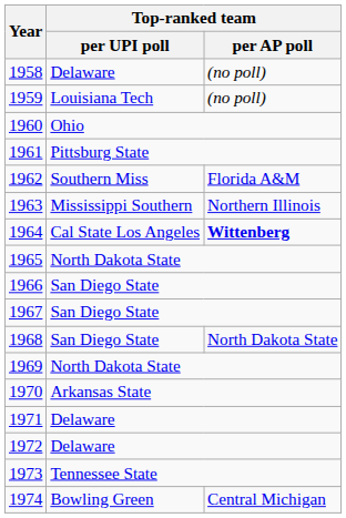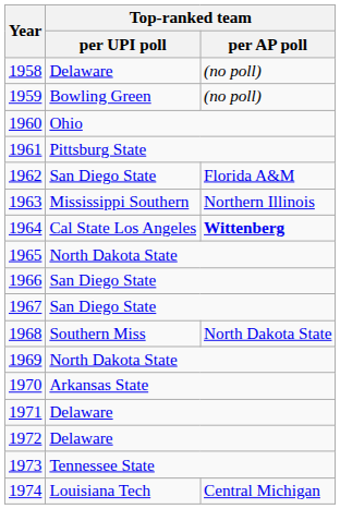 <table class="wikitable" style="text-align: ">
 <tr>
 <th rowspan=2>Year</th>
 <th colspan=2>Top-ranked team</th>
 </tr>
 <tr>
 <th>per UPI poll</th>
 <th>per AP poll</th>
 </tr>
 <tr>
 <td><a href='#'>1958</a></td>
 <td><a href='#'>Delaware</a></td>
 <td><em>(no poll)</em></td>
 </tr>
 <tr>
 <td><a href='#'>1959</a></td>
-<td><a href='#'>Louisiana Tech</a></td>
+<td><a href='#'>Bowling Green</a></td>
 <td><em>(no poll)</em></td>
 </tr>
 <tr>
 <td><a href='#'>1960</a></td>
 <td colspan=2><a href='#'>Ohio</a></td>
 </tr>
 <tr>
 <td><a href='#'>1961</a></td>
 <td colspan=2><a href='#'>Pittsburg State</a></td>
 </tr>
 <tr>
 <td><a href='#'>1962</a></td>
-<td><a href='#'>Southern Miss</a></td>
+<td><a href='#'>San Diego State</a></td>
 <td><a href='#'>Florida A&M</a></td>
 </tr>
 <tr>
 <td><a href='#'>1963</a></td>
 <td><a href='#'>Mississippi Southern</a></td>
 <td><a href='#'>Northern Illinois</a></td>
 </tr>
 <tr>
 <td><a href='#'>1964</a></td>
 <td><a href='#'>Cal State Los Angeles</a></td>
 <td><strong><a href='#'>Wittenberg</a></strong></td>
 </tr>
 <tr>
 <td><a href='#'>1965</a></td>
 <td colspan="2"><a href='#'>North Dakota State</a></td>
 </tr>
 <tr>
 <td><a href='#'>1966</a></td>
 <td colspan="2"><a href='#'>San Diego State</a></td>
 </tr>
 <tr>
 <td><a href='#'>1967</a></td>
 <td colspan="2"><a href='#'>San Diego State</a></td>
 </tr>
 <tr>
 <td><a href='#'>1968</a></td>
-<td><a href='#'>San Diego State</a></td>
+<td><a href='#'>Southern Miss</a></td>
 <td><a href='#'>North Dakota State</a></td>
 </tr>
 <tr>
 <td><a href='#'>1969</a></td>
 <td colspan="2"><a href='#'>North Dakota State</a></td>
 </tr>
 <tr>
 <td><a href='#'>1970</a></td>
 <td colspan="2"><a href='#'>Arkansas State</a></td>
 </tr>
 <tr>
 <td><a href='#'>1971</a></td>
 <td colspan="2"><a href='#'>Delaware</a></td>
 </tr>
 <tr>
 <td><a href='#'>1972</a></td>
 <td colspan="2"><a href='#'>Delaware</a></td>
 </tr>
 <tr>
 <td><a href='#'>1973</a></td>
 <td colspan="2"><a href='#'>Tennessee State</a></td>
 </tr>
 <tr>
 <td><a href='#'>1974</a></td>
-<td><a href='#'>Bowling Green</a></td>
+<td><a href='#'>Louisiana Tech</a></td>
 <td><a href='#'>Central Michigan</a></td>
 </tr>
 </table>
